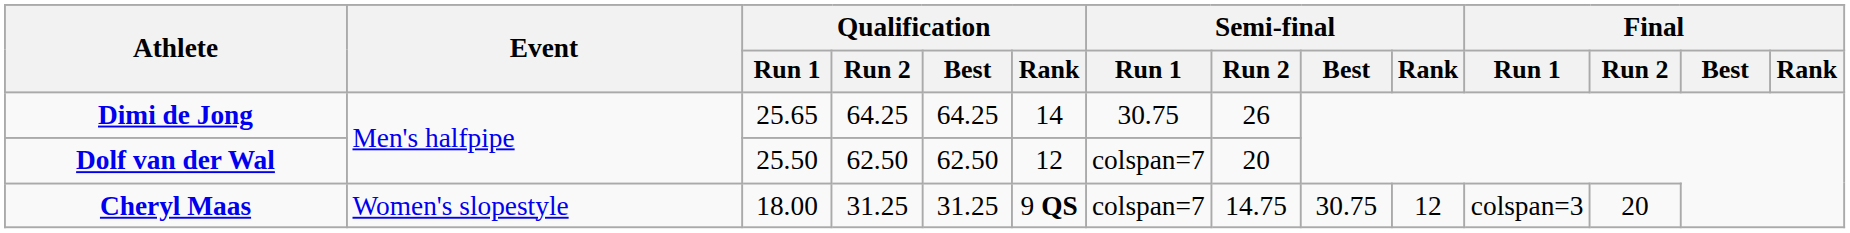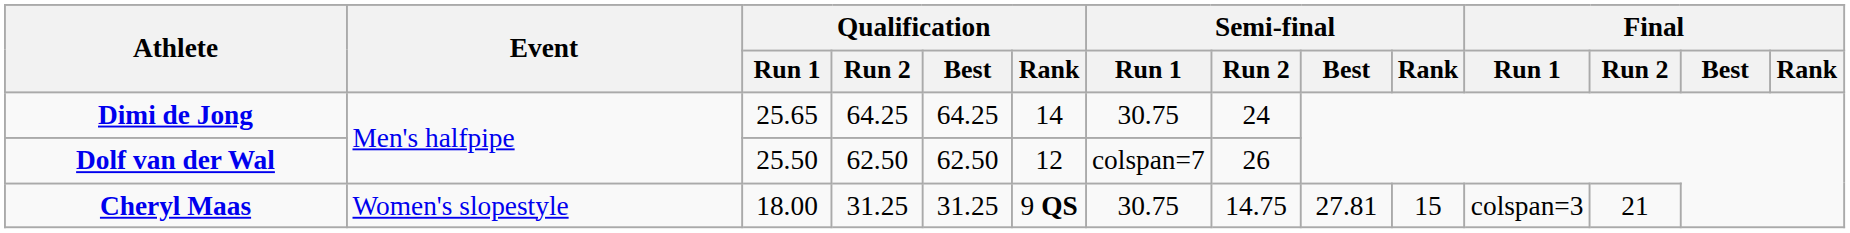 <table class="wikitable plainrowheaders" style="text-align: center;font-size:90%">
 <tr>
 <th scope="col" rowspan="2" style="width:12em;">Athlete</th>
 <th scope="col" rowspan="2" style="width:14em;">Event</th>
 <th scope="col" colspan="4">Qualification</th>
 <th scope="col" colspan="4">Semi-final</th>
 <th scope="col" colspan="4">Final</th>
 </tr>
 <tr style="font-size:95%">
 <th scope="col" style="width:3em;">Run 1</th>
 <th scope="col" style="width:3em;">Run 2</th>
 <th scope="col" style="width:3em;">Best</th>
 <th scope="col" style="width:2em;">Rank</th>
 <th scope="col" style="width:3em;">Run 1</th>
 <th scope="col" style="width:3em;">Run 2</th>
 <th scope="col" style="width:3em;">Best</th>
 <th scope="col" style="width:2em;">Rank</th>
 <th scope="col" style="width:3em;">Run 1</th>
 <th scope="col" style="width:3em;">Run 2</th>
 <th scope="col" style="width:3em;">Best</th>
 <th scope="col" style="width:2em;">Rank</th>
 </tr>
 <tr>
 <th scope="row" style="background-color:transparent"><a href='#'>Dimi de Jong</a></th>
 <td align=left rowspan=2><a href='#'>Men's halfpipe</a></td>
 <td>25.65</td>
 <td>64.25</td>
 <td>64.25</td>
 <td>14</td>
 <td>30.75</td>
-<td>26</td>
+<td>24</td>
 </tr>
 <tr>
 <th scope="row" style="background-color:transparent"><a href='#'>Dolf van der Wal</a></th>
 <td>25.50</td>
 <td>62.50</td>
 <td>62.50</td>
 <td>12</td>
 <td>colspan=7 </td>
-<td>20</td>
+<td>26</td>
 </tr>
 <tr>
 <th scope="row" style="background-color:transparent"><a href='#'>Cheryl Maas</a></th>
 <td align=left><a href='#'>Women's slopestyle</a></td>
 <td>18.00</td>
 <td>31.25</td>
 <td>31.25</td>
 <td>9 <strong>QS</strong></td>
-<td>colspan=7 </td>
+<td>30.75</td>
 <td>14.75</td>
-<td>30.75</td>
-<td>12</td>
+<td>27.81</td>
+<td>15</td>
 <td>colspan=3 </td>
-<td>20</td>
+<td>21</td>
 </tr>
 </table>
